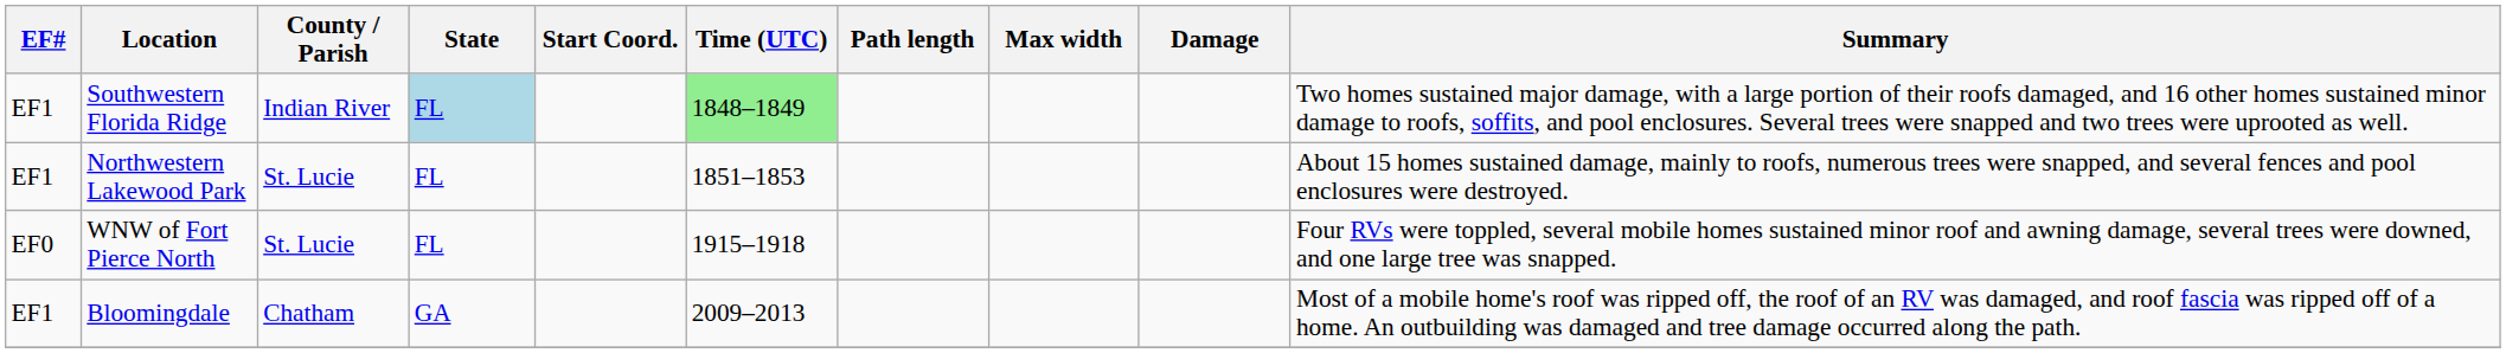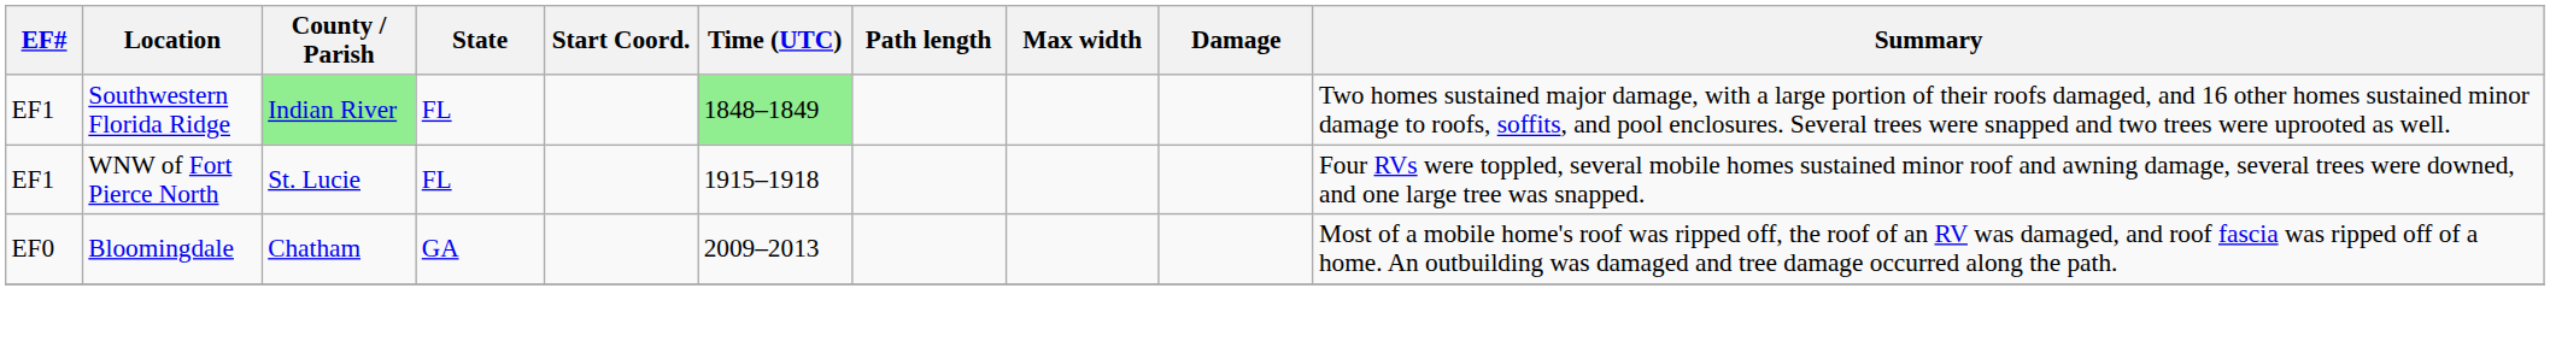 <table class="wikitable sortable" style="width:100%;">
 <tr>
 <th scope="col" width="3%" align="center"><a href='#'>EF#</a></th>
 <th scope="col" width="7%" align="center" class="unsortable">Location</th>
 <th scope="col" width="6%" align="center" class="unsortable">County / Parish</th>
 <th scope="col" width="5%" align="center">State</th>
 <th scope="col" width="6%" align="center">Start Coord.</th>
 <th scope="col" width="6%" align="center">Time (<a href='#'>UTC</a>)</th>
 <th scope="col" width="6%" align="center">Path length</th>
 <th scope="col" width="6%" align="center">Max width</th>
 <th scope="col" width="6%" align="center">Damage</th>
 <th scope="col" width="48%" class="unsortable" align="center">Summary</th>
 </tr>
 <tr>
 <td>EF1</td>
 <td><a href='#'>Southwestern Florida Ridge</a></td>
-<td><a href='#'>Indian River</a></td>
-<td style="background: lightblue;"><a href='#'>FL</a></td>
+<td style="background: lightgreen;"><a href='#'>Indian River</a></td>
+<td><a href='#'>FL</a></td>
 <td></td>
 <td style="background: lightgreen;">1848–1849</td>
 <td></td>
 <td></td>
 <td></td>
 <td>Two homes sustained major damage, with a large portion of their roofs damaged, and 16 other homes sustained minor damage to roofs, <a href='#'>soffits</a>, and pool enclosures. Several trees were snapped and two trees were uprooted as well.</td>
 </tr>
 <tr>
 <td>EF1</td>
-<td><a href='#'>Northwestern Lakewood Park</a></td>
-<td><a href='#'>St. Lucie</a></td>
-<td><a href='#'>FL</a></td>
-<td></td>
-<td>1851–1853</td>
-<td></td>
-<td></td>
-<td></td>
-<td>About 15 homes sustained damage, mainly to roofs, numerous trees were snapped, and several fences and pool enclosures were destroyed.</td>
-</tr>
-<tr>
-<td>EF0</td>
 <td>WNW of <a href='#'>Fort Pierce North</a></td>
 <td><a href='#'>St. Lucie</a></td>
 <td><a href='#'>FL</a></td>
 <td></td>
 <td>1915–1918</td>
 <td></td>
 <td></td>
 <td></td>
 <td>Four <a href='#'>RVs</a> were toppled, several mobile homes sustained minor roof and awning damage, several trees were downed, and one large tree was snapped.</td>
 </tr>
 <tr>
-<td>EF1</td>
+<td>EF0</td>
 <td><a href='#'>Bloomingdale</a></td>
 <td><a href='#'>Chatham</a></td>
 <td><a href='#'>GA</a></td>
 <td></td>
 <td>2009–2013</td>
 <td></td>
 <td></td>
 <td></td>
 <td>Most of a mobile home's roof was ripped off, the roof of an <a href='#'>RV</a> was damaged, and roof <a href='#'>fascia</a> was ripped off of a home. An outbuilding was damaged and tree damage occurred along the path.</td>
 </tr>
 <tr>
 </tr>
 </table>
